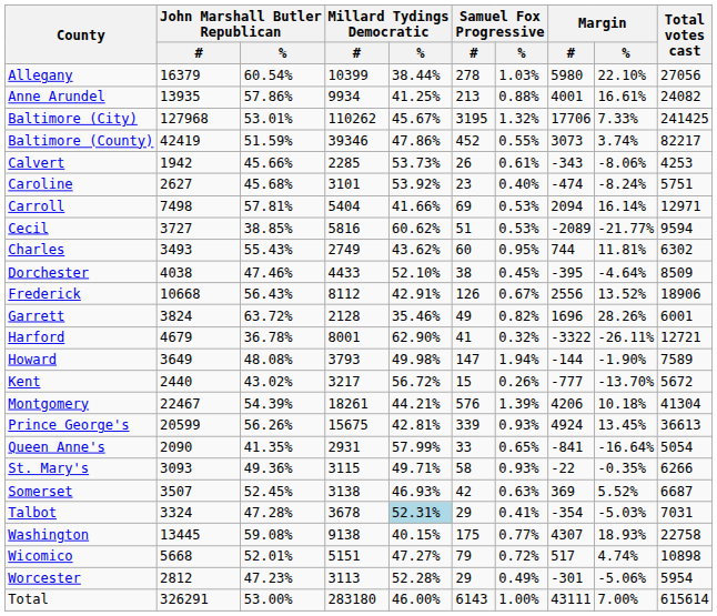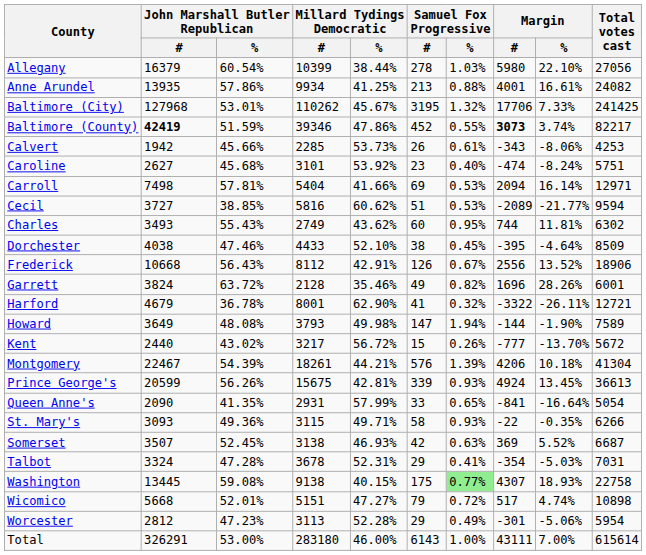 <table class="wikitable sortable">
 <tr>
 <th rowspan="2">County</th>
 <th colspan="2" >John Marshall Butler<br>Republican</th>
 <th colspan="2" >Millard Tydings<br>Democratic</th>
 <th colspan="2" >Samuel Fox<br>Progressive</th>
 <th colspan="2">Margin</th>
 <th rowspan="2">Total<br>votes<br>cast</th>
 </tr>
 <tr>
 <th>#</th>
 <th>%</th>
 <th>#</th>
 <th>%</th>
 <th>#</th>
 <th>%</th>
 <th>#</th>
 <th>%</th>
 </tr>
 <tr>
 <td><a href='#'>Allegany</a></td>
 <td>16379</td>
 <td>60.54%</td>
 <td>10399</td>
 <td>38.44%</td>
 <td>278</td>
 <td>1.03%</td>
 <td>5980</td>
 <td>22.10%</td>
 <td>27056</td>
 </tr>
 <tr>
 <td><a href='#'>Anne Arundel</a></td>
 <td>13935</td>
 <td>57.86%</td>
 <td>9934</td>
 <td>41.25%</td>
 <td>213</td>
 <td>0.88%</td>
 <td>4001</td>
 <td>16.61%</td>
 <td>24082</td>
 </tr>
 <tr>
 <td><a href='#'>Baltimore (City)</a></td>
 <td>127968</td>
 <td>53.01%</td>
 <td>110262</td>
 <td>45.67%</td>
 <td>3195</td>
 <td>1.32%</td>
 <td>17706</td>
 <td>7.33%</td>
 <td>241425</td>
 </tr>
 <tr>
 <td><a href='#'>Baltimore (County)</a></td>
-<td>42419</td>
+<td><strong>42419</strong></td>
 <td>51.59%</td>
 <td>39346</td>
 <td>47.86%</td>
 <td>452</td>
 <td>0.55%</td>
-<td>3073</td>
+<td><strong>3073</strong></td>
 <td>3.74%</td>
 <td>82217</td>
 </tr>
 <tr>
 <td><a href='#'>Calvert</a></td>
 <td>1942</td>
 <td>45.66%</td>
 <td>2285</td>
 <td>53.73%</td>
 <td>26</td>
 <td>0.61%</td>
 <td>-343</td>
 <td>-8.06%</td>
 <td>4253</td>
 </tr>
 <tr>
 <td><a href='#'>Caroline</a></td>
 <td>2627</td>
 <td>45.68%</td>
 <td>3101</td>
 <td>53.92%</td>
 <td>23</td>
 <td>0.40%</td>
 <td>-474</td>
 <td>-8.24%</td>
 <td>5751</td>
 </tr>
 <tr>
 <td><a href='#'>Carroll</a></td>
 <td>7498</td>
 <td>57.81%</td>
 <td>5404</td>
 <td>41.66%</td>
 <td>69</td>
 <td>0.53%</td>
 <td>2094</td>
 <td>16.14%</td>
 <td>12971</td>
 </tr>
 <tr>
 <td><a href='#'>Cecil</a></td>
 <td>3727</td>
 <td>38.85%</td>
 <td>5816</td>
 <td>60.62%</td>
 <td>51</td>
 <td>0.53%</td>
 <td>-2089</td>
 <td>-21.77%</td>
 <td>9594</td>
 </tr>
 <tr>
 <td><a href='#'>Charles</a></td>
 <td>3493</td>
 <td>55.43%</td>
 <td>2749</td>
 <td>43.62%</td>
 <td>60</td>
 <td>0.95%</td>
 <td>744</td>
 <td>11.81%</td>
 <td>6302</td>
 </tr>
 <tr>
 <td><a href='#'>Dorchester</a></td>
 <td>4038</td>
 <td>47.46%</td>
 <td>4433</td>
 <td>52.10%</td>
 <td>38</td>
 <td>0.45%</td>
 <td>-395</td>
 <td>-4.64%</td>
 <td>8509</td>
 </tr>
 <tr>
 <td><a href='#'>Frederick</a></td>
 <td>10668</td>
 <td>56.43%</td>
 <td>8112</td>
 <td>42.91%</td>
 <td>126</td>
 <td>0.67%</td>
 <td>2556</td>
 <td>13.52%</td>
 <td>18906</td>
 </tr>
 <tr>
 <td><a href='#'>Garrett</a></td>
 <td>3824</td>
 <td>63.72%</td>
 <td>2128</td>
 <td>35.46%</td>
 <td>49</td>
 <td>0.82%</td>
 <td>1696</td>
 <td>28.26%</td>
 <td>6001</td>
 </tr>
 <tr>
 <td><a href='#'>Harford</a></td>
 <td>4679</td>
 <td>36.78%</td>
 <td>8001</td>
 <td>62.90%</td>
 <td>41</td>
 <td>0.32%</td>
 <td>-3322</td>
 <td>-26.11%</td>
 <td>12721</td>
 </tr>
 <tr>
 <td><a href='#'>Howard</a></td>
 <td>3649</td>
 <td>48.08%</td>
 <td>3793</td>
 <td>49.98%</td>
 <td>147</td>
 <td>1.94%</td>
 <td>-144</td>
 <td>-1.90%</td>
 <td>7589</td>
 </tr>
 <tr>
 <td><a href='#'>Kent</a></td>
 <td>2440</td>
 <td>43.02%</td>
 <td>3217</td>
 <td>56.72%</td>
 <td>15</td>
 <td>0.26%</td>
 <td>-777</td>
 <td>-13.70%</td>
 <td>5672</td>
 </tr>
 <tr>
 <td><a href='#'>Montgomery</a></td>
 <td>22467</td>
 <td>54.39%</td>
 <td>18261</td>
 <td>44.21%</td>
 <td>576</td>
 <td>1.39%</td>
 <td>4206</td>
 <td>10.18%</td>
 <td>41304</td>
 </tr>
 <tr>
 <td><a href='#'>Prince George's</a></td>
 <td>20599</td>
 <td>56.26%</td>
 <td>15675</td>
 <td>42.81%</td>
 <td>339</td>
 <td>0.93%</td>
 <td>4924</td>
 <td>13.45%</td>
 <td>36613</td>
 </tr>
 <tr>
 <td><a href='#'>Queen Anne's</a></td>
 <td>2090</td>
 <td>41.35%</td>
 <td>2931</td>
 <td>57.99%</td>
 <td>33</td>
 <td>0.65%</td>
 <td>-841</td>
 <td>-16.64%</td>
 <td>5054</td>
 </tr>
 <tr>
 <td><a href='#'>St. Mary's</a></td>
 <td>3093</td>
 <td>49.36%</td>
 <td>3115</td>
 <td>49.71%</td>
 <td>58</td>
 <td>0.93%</td>
 <td>-22</td>
 <td>-0.35%</td>
 <td>6266</td>
 </tr>
 <tr>
 <td><a href='#'>Somerset</a></td>
 <td>3507</td>
 <td>52.45%</td>
 <td>3138</td>
 <td>46.93%</td>
 <td>42</td>
 <td>0.63%</td>
 <td>369</td>
 <td>5.52%</td>
 <td>6687</td>
 </tr>
 <tr>
 <td><a href='#'>Talbot</a></td>
 <td>3324</td>
 <td>47.28%</td>
 <td>3678</td>
-<td style="background: lightblue;">52.31%</td>
+<td>52.31%</td>
 <td>29</td>
 <td>0.41%</td>
 <td>-354</td>
 <td>-5.03%</td>
 <td>7031</td>
 </tr>
 <tr>
 <td><a href='#'>Washington</a></td>
 <td>13445</td>
 <td>59.08%</td>
 <td>9138</td>
 <td>40.15%</td>
 <td>175</td>
-<td>0.77%</td>
+<td style="background: lightgreen;">0.77%</td>
 <td>4307</td>
 <td>18.93%</td>
 <td>22758</td>
 </tr>
 <tr>
 <td><a href='#'>Wicomico</a></td>
 <td>5668</td>
 <td>52.01%</td>
 <td>5151</td>
 <td>47.27%</td>
 <td>79</td>
 <td>0.72%</td>
 <td>517</td>
 <td>4.74%</td>
 <td>10898</td>
 </tr>
 <tr>
 <td><a href='#'>Worcester</a></td>
 <td>2812</td>
 <td>47.23%</td>
 <td>3113</td>
 <td>52.28%</td>
 <td>29</td>
 <td>0.49%</td>
 <td>-301</td>
 <td>-5.06%</td>
 <td>5954</td>
 </tr>
 <tr>
 <td>Total</td>
 <td>326291</td>
 <td>53.00%</td>
 <td>283180</td>
 <td>46.00%</td>
 <td>6143</td>
 <td>1.00%</td>
 <td>43111</td>
 <td>7.00%</td>
 <td>615614</td>
 </tr>
 </table>
